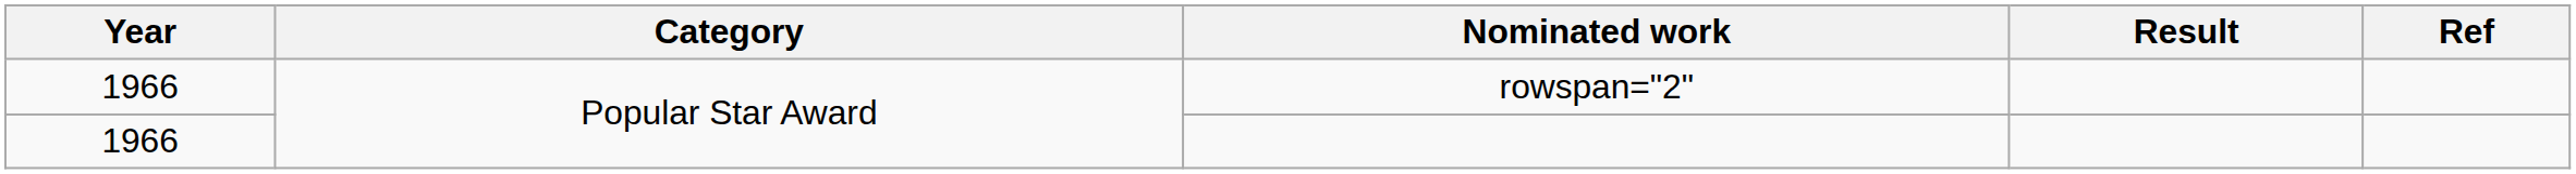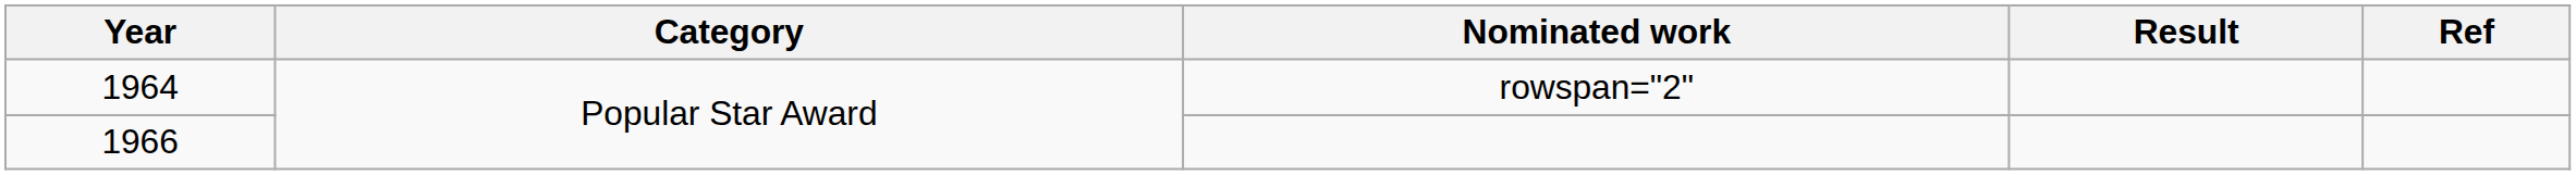 <table class="wikitable" style="text-align: center; width: 60%;">
 <tr>
 <th>Year</th>
 <th>Category</th>
 <th>Nominated work</th>
 <th>Result</th>
 <th>Ref</th>
 </tr>
 <tr>
-<td>1966</td>
+<td>1964</td>
 <td rowspan="2">Popular Star Award</td>
 <td>rowspan="2" </td>
 <td></td>
 <td></td>
 </tr>
 <tr>
 <td>1966</td>
 <td></td>
 <td></td>
 </tr>
 </table>
